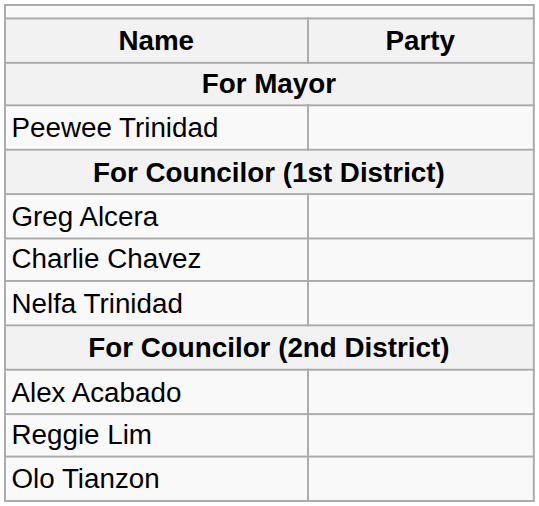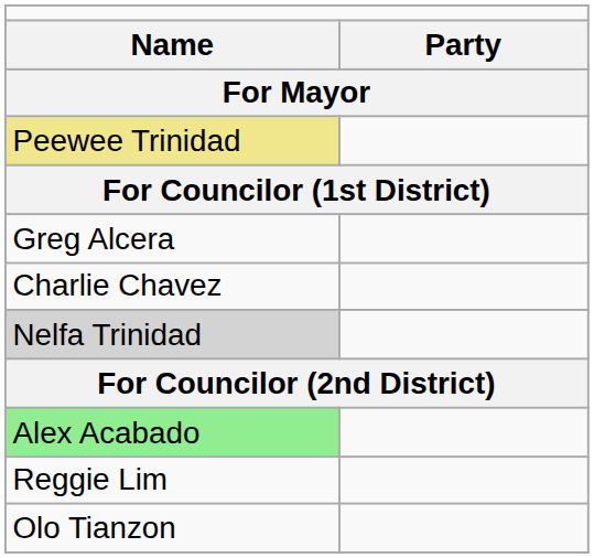 <table class="wikitable" style="font-size:90%">
 <tr>
 <td colspan="4" style="color:inherit;background:"></td>
 </tr>
 <tr>
 <th width="150px">Name</th>
 <th colspan="2" width="110px">Party</th>
 </tr>
 <tr>
 <th colspan="3">For Mayor</th>
 </tr>
 <tr>
-<td>Peewee Trinidad</td>
+<td style="background: khaki;">Peewee Trinidad</td>
 <td></td>
 </tr>
 <tr>
 <th colspan="3">For Councilor (1st District)</th>
 </tr>
 <tr>
 <td>Greg Alcera</td>
 <td></td>
 </tr>
 <tr>
 <td>Charlie Chavez</td>
 <td></td>
 </tr>
 <tr>
-<td>Nelfa Trinidad</td>
+<td style="background: lightgrey;">Nelfa Trinidad</td>
 <td></td>
 </tr>
 <tr>
 <th colspan="3">For Councilor (2nd District)</th>
 </tr>
 <tr>
-<td>Alex Acabado</td>
+<td style="background: lightgreen;">Alex Acabado</td>
 <td></td>
 </tr>
 <tr>
 <td>Reggie Lim</td>
 <td></td>
 </tr>
 <tr>
 <td>Olo Tianzon</td>
 <td></td>
 </tr>
 </table>
